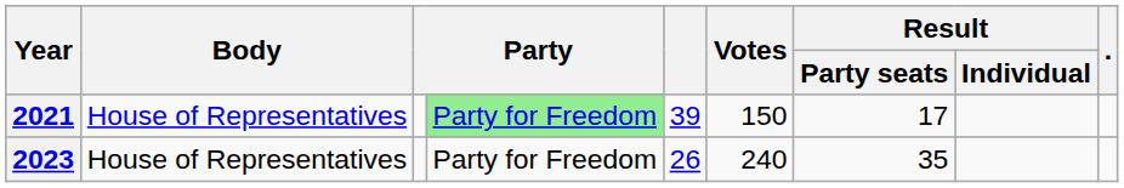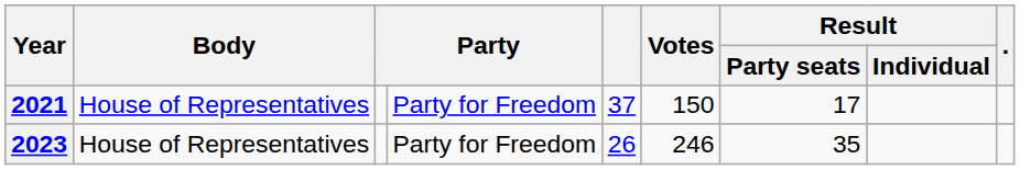 <table class="wikitable plainrowheaders sortable" border=2 cellpadding=4 cellspacing=0 style="border: 1px #aaa solid; font-size: 90%; text-align:center;">
 <tr>
 <th scope="col" rowspan=2>Year</th>
 <th scope="col" rowspan=2>Body</th>
 <th scope="col" colspan=2 rowspan=2>Party</th>
 <th scope="col" rowspan=2></th>
 <th scope="col" rowspan=2>Votes</th>
 <th scope="colgroup" colspan=2>Result</th>
 <th scope="col" rowspan=2 class="unsortable">.</th>
 </tr>
 <tr>
 <th scope="col">Party seats</th>
 <th scope="col">Individual</th>
 </tr>
 <tr>
 <th scope="row"><a href='#'>2021</a></th>
 <td><a href='#'>House of Representatives</a></td>
 <td style="background-color:"></td>
-<td style="background: lightgreen;"><a href='#'>Party for Freedom</a></td>
-<td style=text-align:right><a href='#'>39</a></td>
+<td><a href='#'>Party for Freedom</a></td>
+<td style=text-align:right><a href='#'>37</a></td>
 <td style=text-align:right>150</td>
 <td style=text-align:right>17</td>
 <td></td>
 <td></td>
 </tr>
 <tr>
 <th scope="row"><a href='#'>2023</a></th>
 <td>House of Representatives</td>
 <td style="background-color:"></td>
 <td>Party for Freedom</td>
 <td style=text-align:right><a href='#'>26</a></td>
-<td style=text-align:right>240</td>
+<td style=text-align:right>246</td>
 <td style=text-align:right>35</td>
 <td></td>
 <td></td>
 </tr>
 </table>
